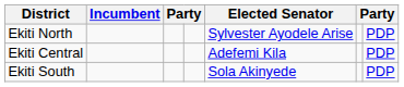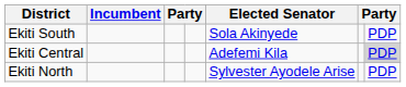 <table class="sortable wikitable" style="font-size:95%;line-height:14px;">
 <tr>
 <th class="unsortable">District</th>
 <th class="unsortable"><a href='#'>Incumbent</a></th>
 <th colspan="2">Party</th>
 <th class="unsortable">Elected Senator</th>
 <th colspan="2">Party</th>
+</tr>
+<tr>
+<td>Ekiti South</td>
+<td></td>
+<td></td>
+<td></td>
+<td><a href='#'>Sola Akinyede</a></td>
+<td style="background:"></td>
+<td><a href='#'>PDP</a></td>
+</tr>
+<tr>
+<td>Ekiti Central</td>
+<td></td>
+<td></td>
+<td></td>
+<td><a href='#'>Adefemi Kila</a></td>
+<td style="background:"></td>
+<td style="background: lightgrey;"><a href='#'>PDP</a></td>
 </tr>
 <tr>
 <td>Ekiti North</td>
 <td></td>
 <td></td>
 <td></td>
 <td><a href='#'>Sylvester Ayodele Arise</a></td>
 <td style="background:"></td>
 <td><a href='#'>PDP</a></td>
 </tr>
-<tr>
-<td>Ekiti Central</td>
-<td></td>
-<td></td>
-<td></td>
-<td><a href='#'>Adefemi Kila</a></td>
-<td style="background:"></td>
-<td><a href='#'>PDP</a></td>
-</tr>
-<tr>
-<td>Ekiti South</td>
-<td></td>
-<td></td>
-<td></td>
-<td><a href='#'>Sola Akinyede</a></td>
-<td style="background:"></td>
-<td><a href='#'>PDP</a></td>
-</tr>
 </table>
